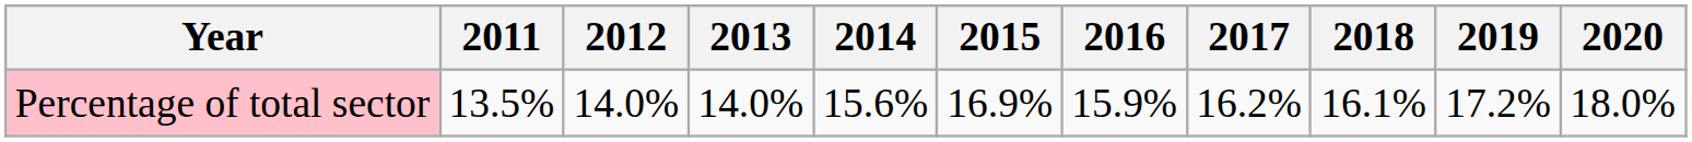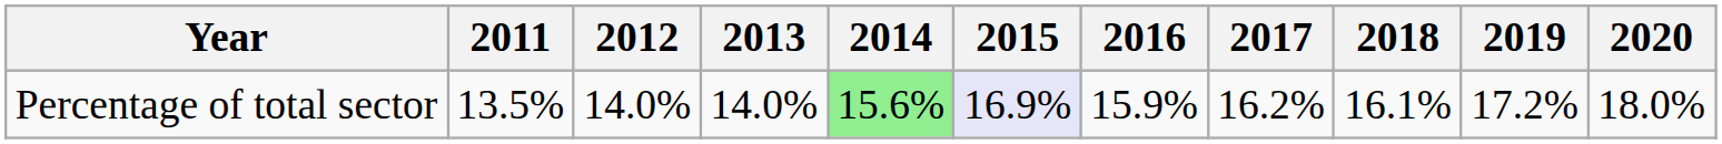 <table class="wikitable">
 <tr>
 <th>Year</th>
 <th>2011</th>
 <th>2012</th>
 <th>2013</th>
 <th>2014</th>
 <th>2015</th>
 <th>2016</th>
 <th>2017</th>
 <th>2018</th>
 <th>2019</th>
 <th>2020</th>
 </tr>
 <tr>
-<td style="background: pink;">Percentage of total sector</td>
+<td>Percentage of total sector</td>
 <td>13.5%</td>
 <td>14.0%</td>
 <td>14.0%</td>
-<td>15.6%</td>
-<td>16.9%</td>
+<td style="background: lightgreen;">15.6%</td>
+<td style="background: lavender;">16.9%</td>
 <td>15.9%</td>
 <td>16.2%</td>
 <td>16.1%</td>
 <td>17.2%</td>
 <td>18.0%</td>
 </tr>
 </table>
